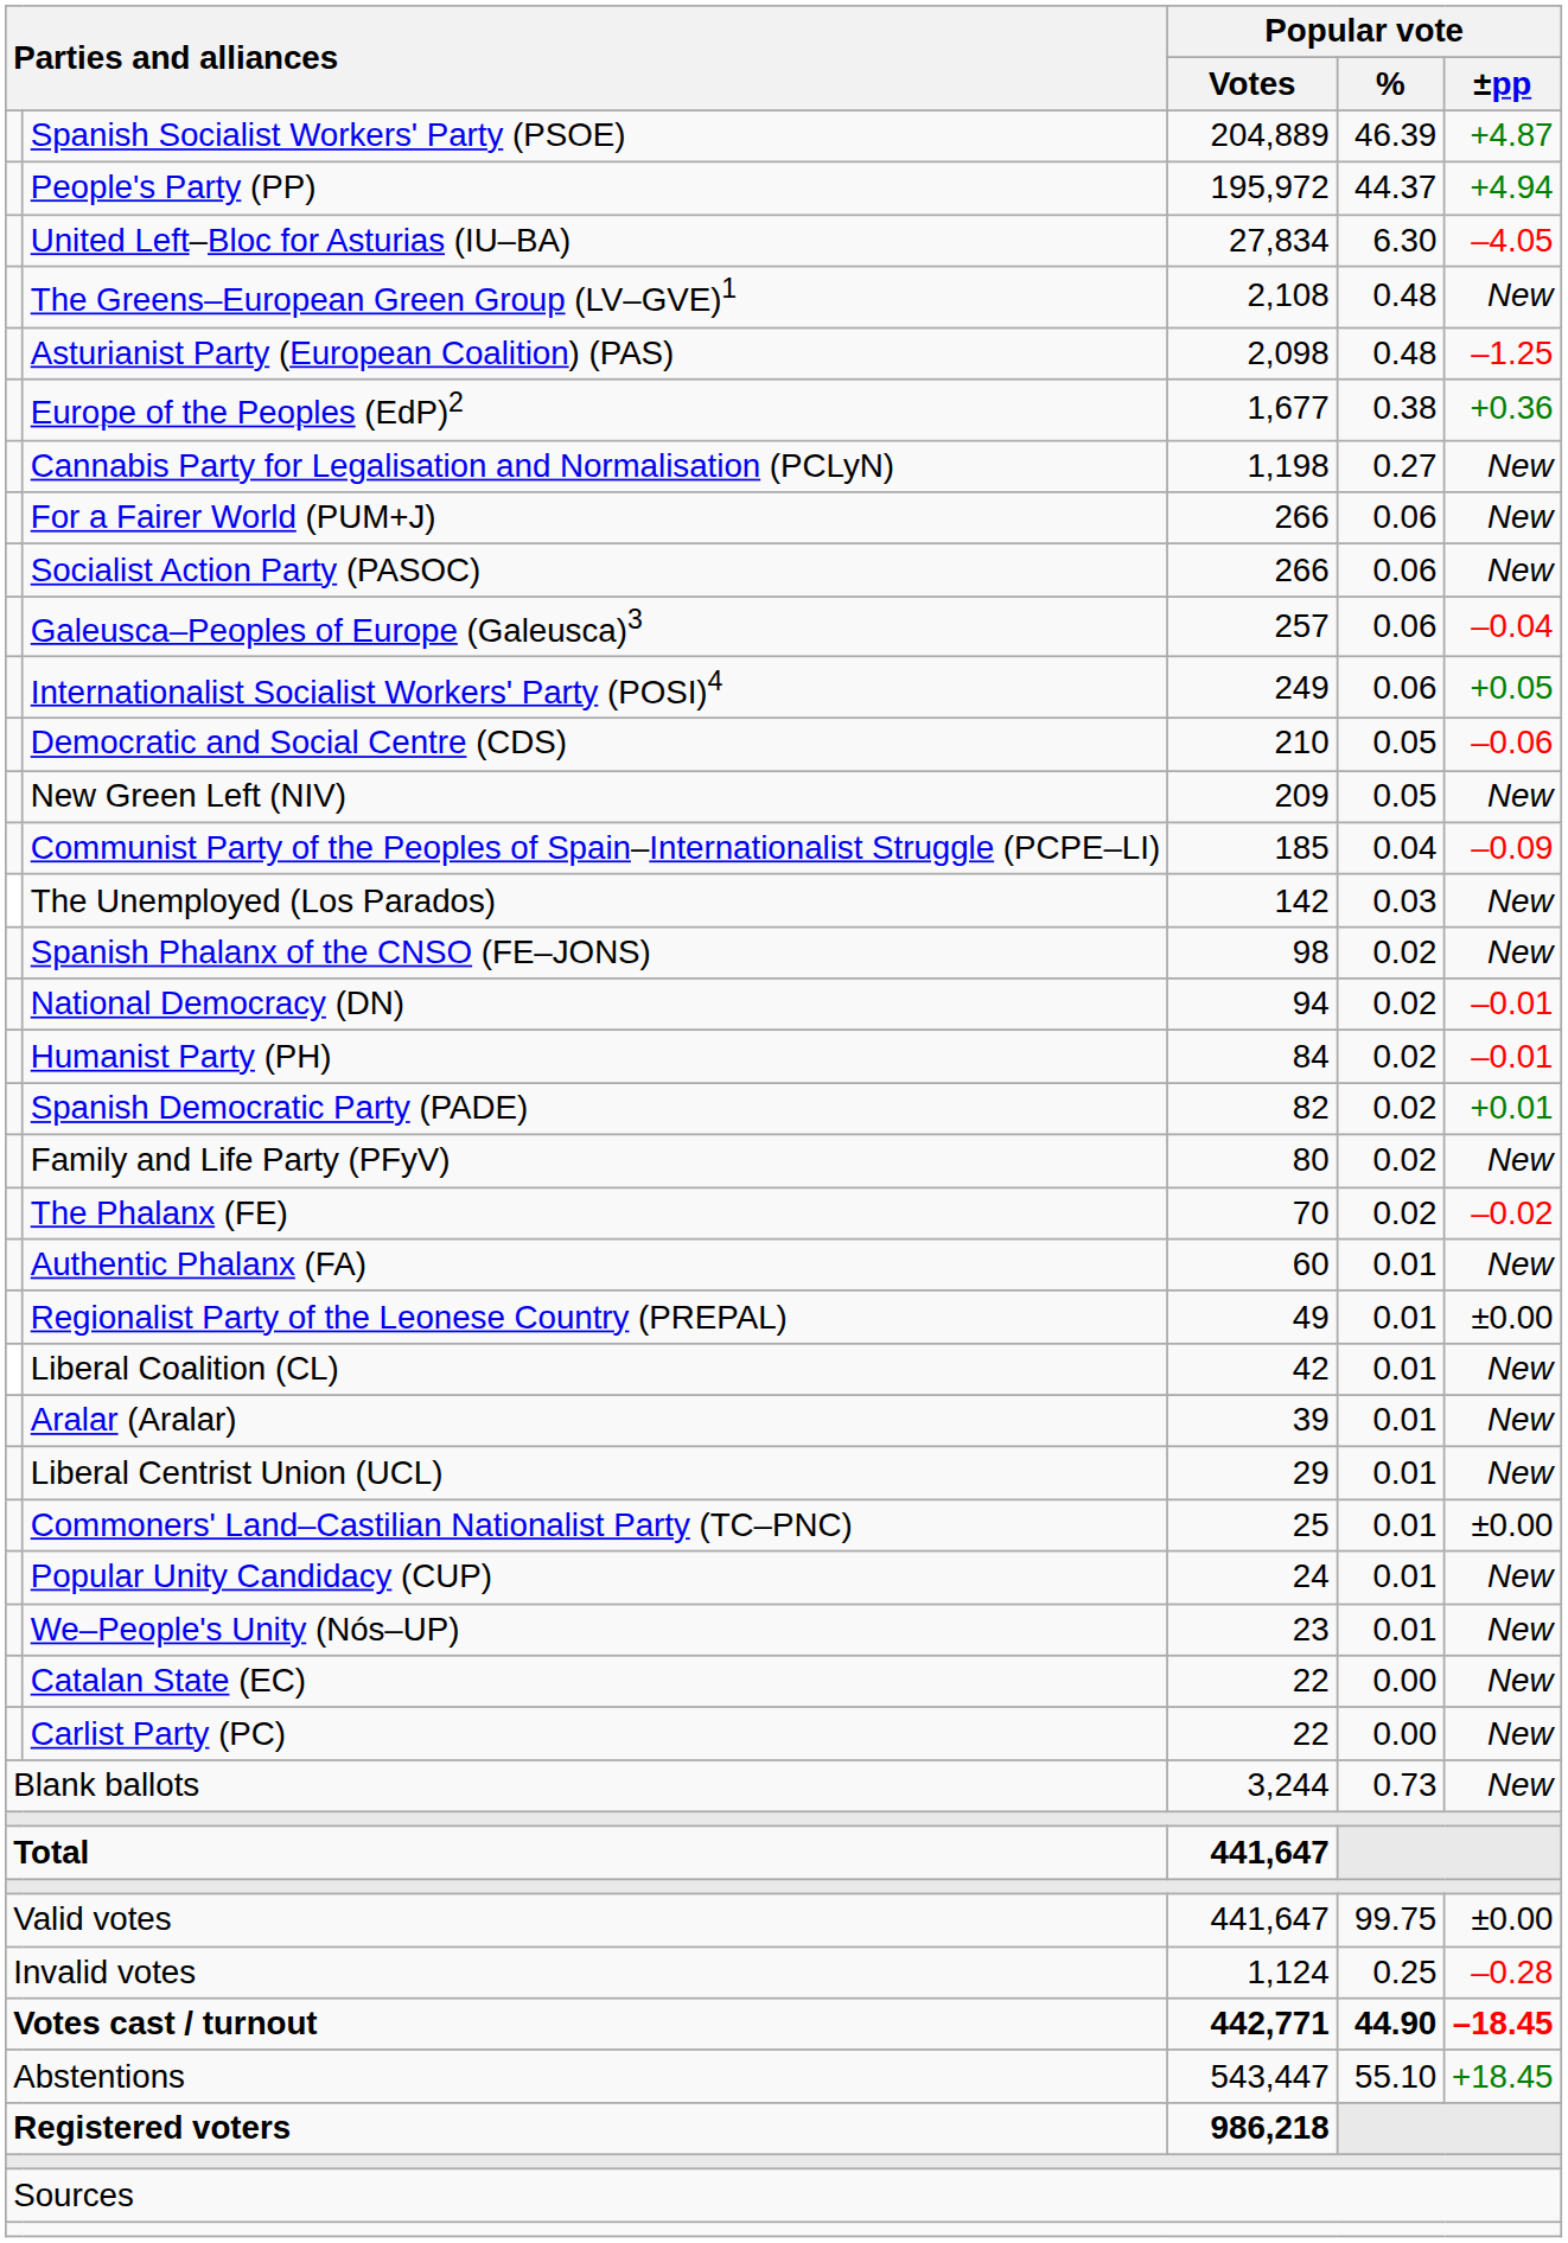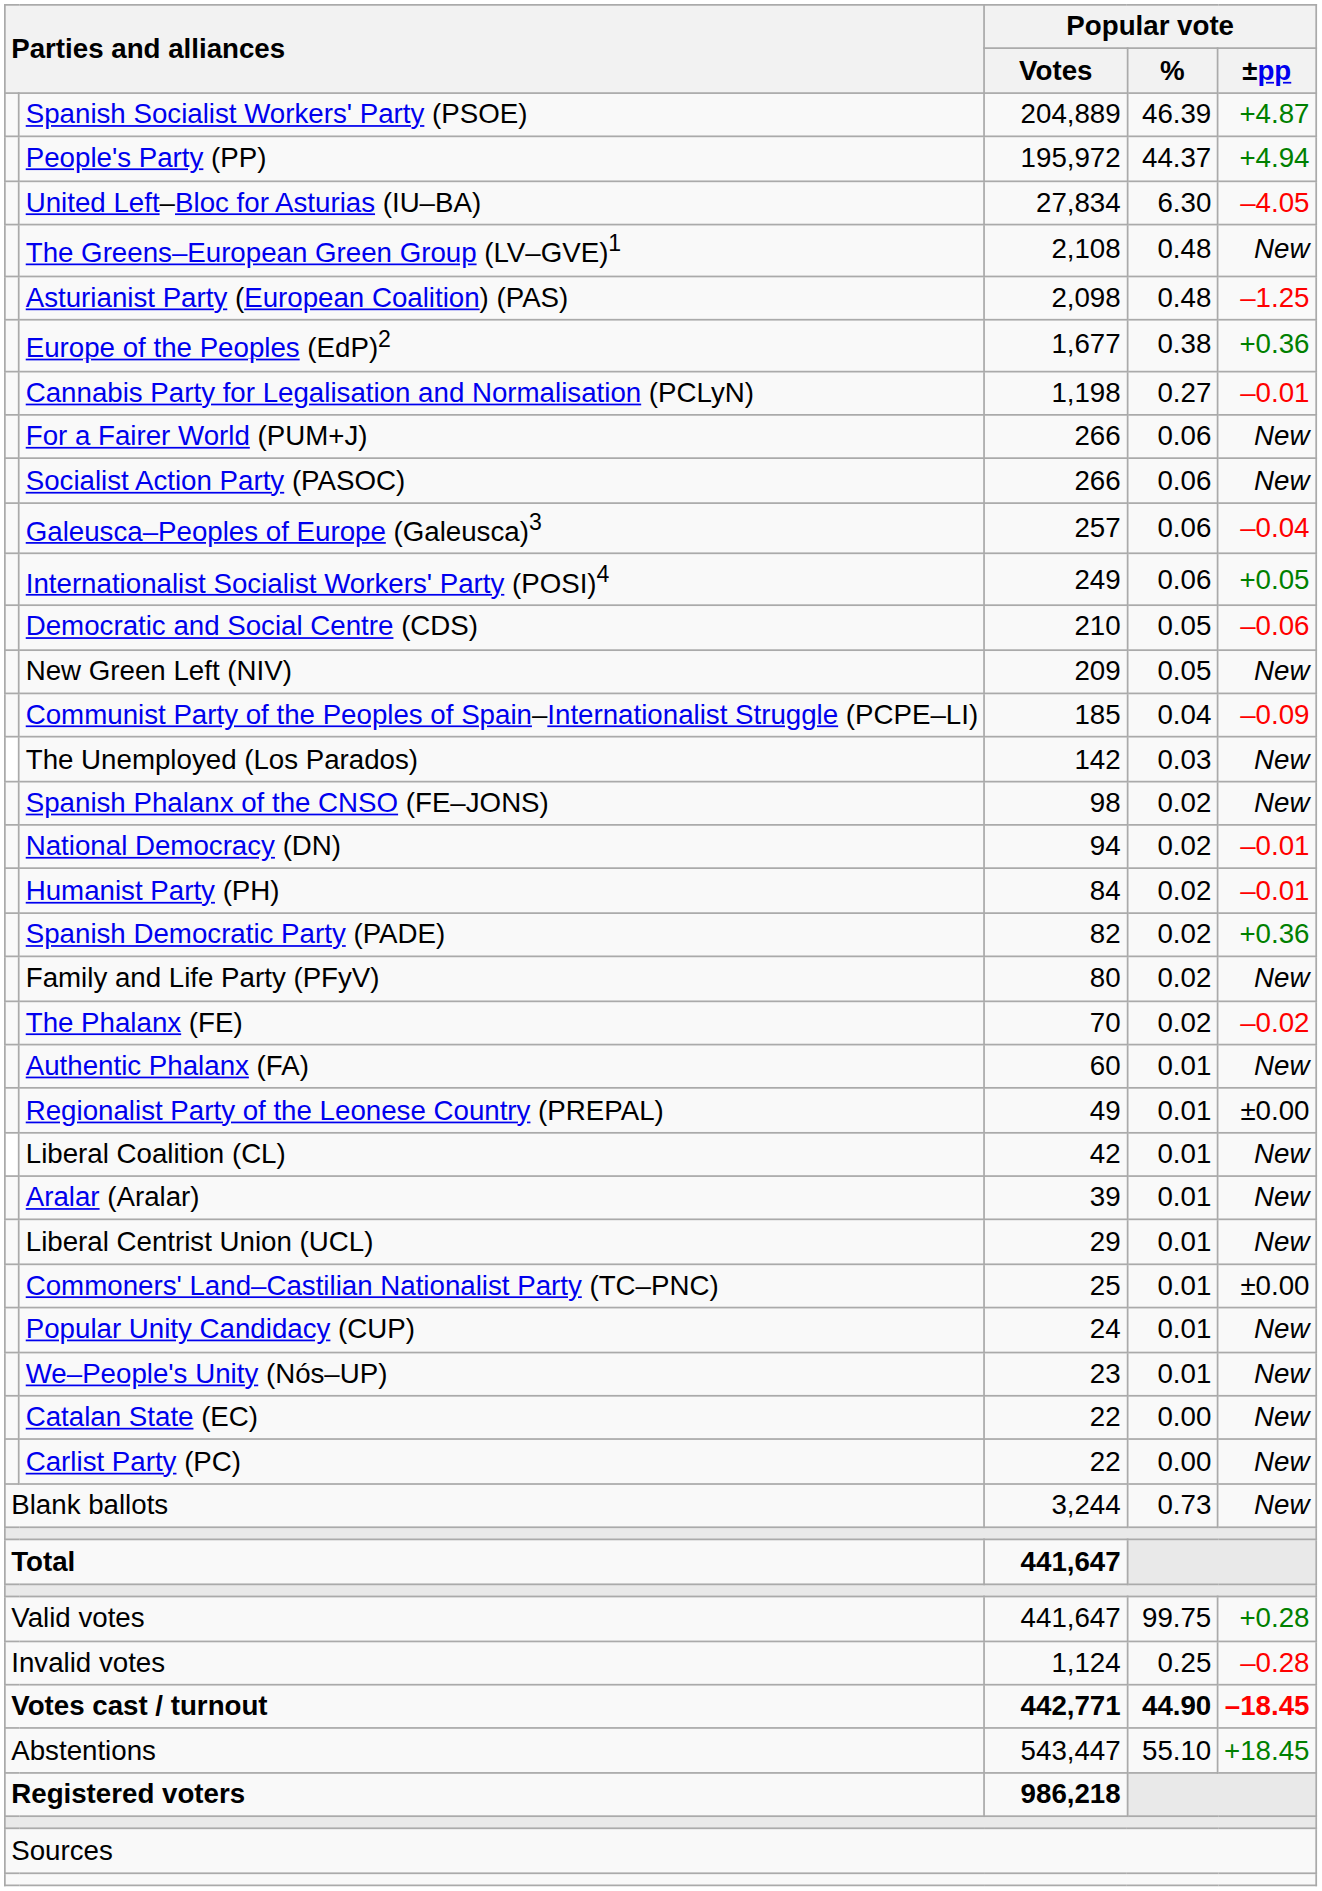 <table class="wikitable" style="text-align:right">
 <tr>
 <th style="text-align:left;" rowspan="2" colspan="2" width="525">Parties and alliances</th>
 <th colspan="3">Popular vote</th>
 </tr>
 <tr>
 <th width="75">Votes</th>
 <th width="45">%</th>
 <th width="45">±<a href='#'>pp</a></th>
 </tr>
 <tr>
 <td width="1" style="color:inherit;background:"></td>
 <td align="left"><a href='#'>Spanish Socialist Workers' Party</a> (PSOE)</td>
 <td>204,889</td>
 <td>46.39</td>
 <td style="color:green;">+4.87</td>
 </tr>
 <tr>
 <td style="color:inherit;background:"></td>
 <td align="left"><a href='#'>People's Party</a> (PP)</td>
 <td>195,972</td>
 <td>44.37</td>
 <td style="color:green;">+4.94</td>
 </tr>
 <tr>
 <td style="color:inherit;background:"></td>
 <td align="left"><a href='#'>United Left</a>–<a href='#'>Bloc for Asturias</a> (IU–BA)</td>
 <td>27,834</td>
 <td>6.30</td>
 <td style="color:red;">–4.05</td>
 </tr>
 <tr>
 <td style="color:inherit;background:"></td>
 <td align="left"><a href='#'>The Greens–European Green Group</a> (LV–GVE)<sup>1</sup></td>
 <td>2,108</td>
 <td>0.48</td>
 <td><em>New</em></td>
 </tr>
 <tr>
 <td style="color:inherit;background:"></td>
 <td align="left"><a href='#'>Asturianist Party</a> (<a href='#'>European Coalition</a>) (PAS)</td>
 <td>2,098</td>
 <td>0.48</td>
 <td style="color:red;">–1.25</td>
 </tr>
 <tr>
 <td style="color:inherit;background:"></td>
 <td align="left"><a href='#'>Europe of the Peoples</a> (EdP)<sup>2</sup></td>
 <td>1,677</td>
 <td>0.38</td>
 <td style="color:green;">+0.36</td>
 </tr>
 <tr>
 <td style="color:inherit;background:"></td>
 <td align="left"><a href='#'>Cannabis Party for Legalisation and Normalisation</a> (PCLyN)</td>
 <td>1,198</td>
 <td>0.27</td>
-<td><em>New</em></td>
+<td style="color:red;">–0.01</td>
 </tr>
 <tr>
 <td style="color:inherit;background:"></td>
 <td align="left"><a href='#'>For a Fairer World</a> (PUM+J)</td>
 <td>266</td>
 <td>0.06</td>
 <td><em>New</em></td>
 </tr>
 <tr>
 <td style="color:inherit;background:"></td>
 <td align="left"><a href='#'>Socialist Action Party</a> (PASOC)</td>
 <td>266</td>
 <td>0.06</td>
 <td><em>New</em></td>
 </tr>
 <tr>
 <td style="color:inherit;background:"></td>
 <td align="left"><a href='#'>Galeusca–Peoples of Europe</a> (Galeusca)<sup>3</sup></td>
 <td>257</td>
 <td>0.06</td>
 <td style="color:red;">–0.04</td>
 </tr>
 <tr>
 <td style="color:inherit;background:"></td>
 <td align="left"><a href='#'>Internationalist Socialist Workers' Party</a> (POSI)<sup>4</sup></td>
 <td>249</td>
 <td>0.06</td>
 <td style="color:green;">+0.05</td>
 </tr>
 <tr>
 <td style="color:inherit;background:"></td>
 <td align="left"><a href='#'>Democratic and Social Centre</a> (CDS)</td>
 <td>210</td>
 <td>0.05</td>
 <td style="color:red;">–0.06</td>
 </tr>
 <tr>
 <td style="color:inherit;background:"></td>
 <td align="left">New Green Left (NIV)</td>
 <td>209</td>
 <td>0.05</td>
 <td><em>New</em></td>
 </tr>
 <tr>
 <td style="color:inherit;background:"></td>
 <td align="left"><a href='#'>Communist Party of the Peoples of Spain</a>–<a href='#'>Internationalist Struggle</a> (PCPE–LI)</td>
 <td>185</td>
 <td>0.04</td>
 <td style="color:red;">–0.09</td>
 </tr>
 <tr>
 <td bgcolor="white"></td>
 <td align="left">The Unemployed (Los Parados)</td>
 <td>142</td>
 <td>0.03</td>
 <td><em>New</em></td>
 </tr>
 <tr>
 <td style="color:inherit;background:"></td>
 <td align="left"><a href='#'>Spanish Phalanx of the CNSO</a> (FE–JONS)</td>
 <td>98</td>
 <td>0.02</td>
 <td><em>New</em></td>
 </tr>
 <tr>
 <td style="color:inherit;background:"></td>
 <td align="left"><a href='#'>National Democracy</a> (DN)</td>
 <td>94</td>
 <td>0.02</td>
 <td style="color:red;">–0.01</td>
 </tr>
 <tr>
 <td style="color:inherit;background:"></td>
 <td align="left"><a href='#'>Humanist Party</a> (PH)</td>
 <td>84</td>
 <td>0.02</td>
 <td style="color:red;">–0.01</td>
 </tr>
 <tr>
 <td style="color:inherit;background:"></td>
 <td align="left"><a href='#'>Spanish Democratic Party</a> (PADE)</td>
 <td>82</td>
 <td>0.02</td>
-<td style="color:green;">+0.01</td>
+<td style="color:green;">+0.36</td>
 </tr>
 <tr>
 <td style="color:inherit;background:"></td>
 <td align="left">Family and Life Party (PFyV)</td>
 <td>80</td>
 <td>0.02</td>
 <td><em>New</em></td>
 </tr>
 <tr>
 <td style="color:inherit;background:"></td>
 <td align="left"><a href='#'>The Phalanx</a> (FE)</td>
 <td>70</td>
 <td>0.02</td>
 <td style="color:red;">–0.02</td>
 </tr>
 <tr>
 <td style="color:inherit;background:"></td>
 <td align="left"><a href='#'>Authentic Phalanx</a> (FA)</td>
 <td>60</td>
 <td>0.01</td>
 <td><em>New</em></td>
 </tr>
 <tr>
 <td style="color:inherit;background:"></td>
 <td align="left"><a href='#'>Regionalist Party of the Leonese Country</a> (PREPAL)</td>
 <td>49</td>
 <td>0.01</td>
 <td>±0.00</td>
 </tr>
 <tr>
 <td bgcolor="white"></td>
 <td align="left">Liberal Coalition (CL)</td>
 <td>42</td>
 <td>0.01</td>
 <td><em>New</em></td>
 </tr>
 <tr>
 <td style="color:inherit;background:"></td>
 <td align="left"><a href='#'>Aralar</a> (Aralar)</td>
 <td>39</td>
 <td>0.01</td>
 <td><em>New</em></td>
 </tr>
 <tr>
 <td style="color:inherit;background:"></td>
 <td align="left">Liberal Centrist Union (UCL)</td>
 <td>29</td>
 <td>0.01</td>
 <td><em>New</em></td>
 </tr>
 <tr>
 <td style="color:inherit;background:"></td>
 <td align="left"><a href='#'>Commoners' Land–Castilian Nationalist Party</a> (TC–PNC)</td>
 <td>25</td>
 <td>0.01</td>
 <td>±0.00</td>
 </tr>
 <tr>
 <td style="color:inherit;background:"></td>
 <td align="left"><a href='#'>Popular Unity Candidacy</a> (CUP)</td>
 <td>24</td>
 <td>0.01</td>
 <td><em>New</em></td>
 </tr>
 <tr>
 <td style="color:inherit;background:"></td>
 <td align="left"><a href='#'>We–People's Unity</a> (Nós–UP)</td>
 <td>23</td>
 <td>0.01</td>
 <td><em>New</em></td>
 </tr>
 <tr>
 <td style="color:inherit;background:"></td>
 <td align="left"><a href='#'>Catalan State</a> (EC)</td>
 <td>22</td>
 <td>0.00</td>
 <td><em>New</em></td>
 </tr>
 <tr>
 <td style="color:inherit;background:"></td>
 <td align="left"><a href='#'>Carlist Party</a> (PC)</td>
 <td>22</td>
 <td>0.00</td>
 <td><em>New</em></td>
 </tr>
 <tr>
 <td align="left" colspan="2">Blank ballots</td>
 <td>3,244</td>
 <td>0.73</td>
 <td><em>New</em></td>
 </tr>
 <tr>
 <td colspan="5" bgcolor="#E9E9E9"></td>
 </tr>
 <tr style="font-weight:bold;">
 <td align="left" colspan="2">Total</td>
 <td>441,647</td>
 <td bgcolor="#E9E9E9" colspan="2"></td>
 </tr>
 <tr>
 <td colspan="5" bgcolor="#E9E9E9"></td>
 </tr>
 <tr>
 <td align="left" colspan="2">Valid votes</td>
 <td>441,647</td>
 <td>99.75</td>
-<td>±0.00</td>
+<td style="color:green;">+0.28</td>
 </tr>
 <tr>
 <td align="left" colspan="2">Invalid votes</td>
 <td>1,124</td>
 <td>0.25</td>
 <td style="color:red;">–0.28</td>
 </tr>
 <tr style="font-weight:bold;">
 <td align="left" colspan="2">Votes cast / turnout</td>
 <td>442,771</td>
 <td>44.90</td>
 <td style="color:red;">–18.45</td>
 </tr>
 <tr>
 <td align="left" colspan="2">Abstentions</td>
 <td>543,447</td>
 <td>55.10</td>
 <td style="color:green;">+18.45</td>
 </tr>
 <tr style="font-weight:bold;">
 <td align="left" colspan="2">Registered voters</td>
 <td>986,218</td>
 <td bgcolor="#E9E9E9" colspan="2"></td>
 </tr>
 <tr>
 <td colspan="5" bgcolor="#E9E9E9"></td>
 </tr>
 <tr>
 <td align="left" colspan="5">Sources</td>
 </tr>
 <tr>
 <td colspan="5" style="text-align:left; max-width:680px;"></td>
 </tr>
 </table>
